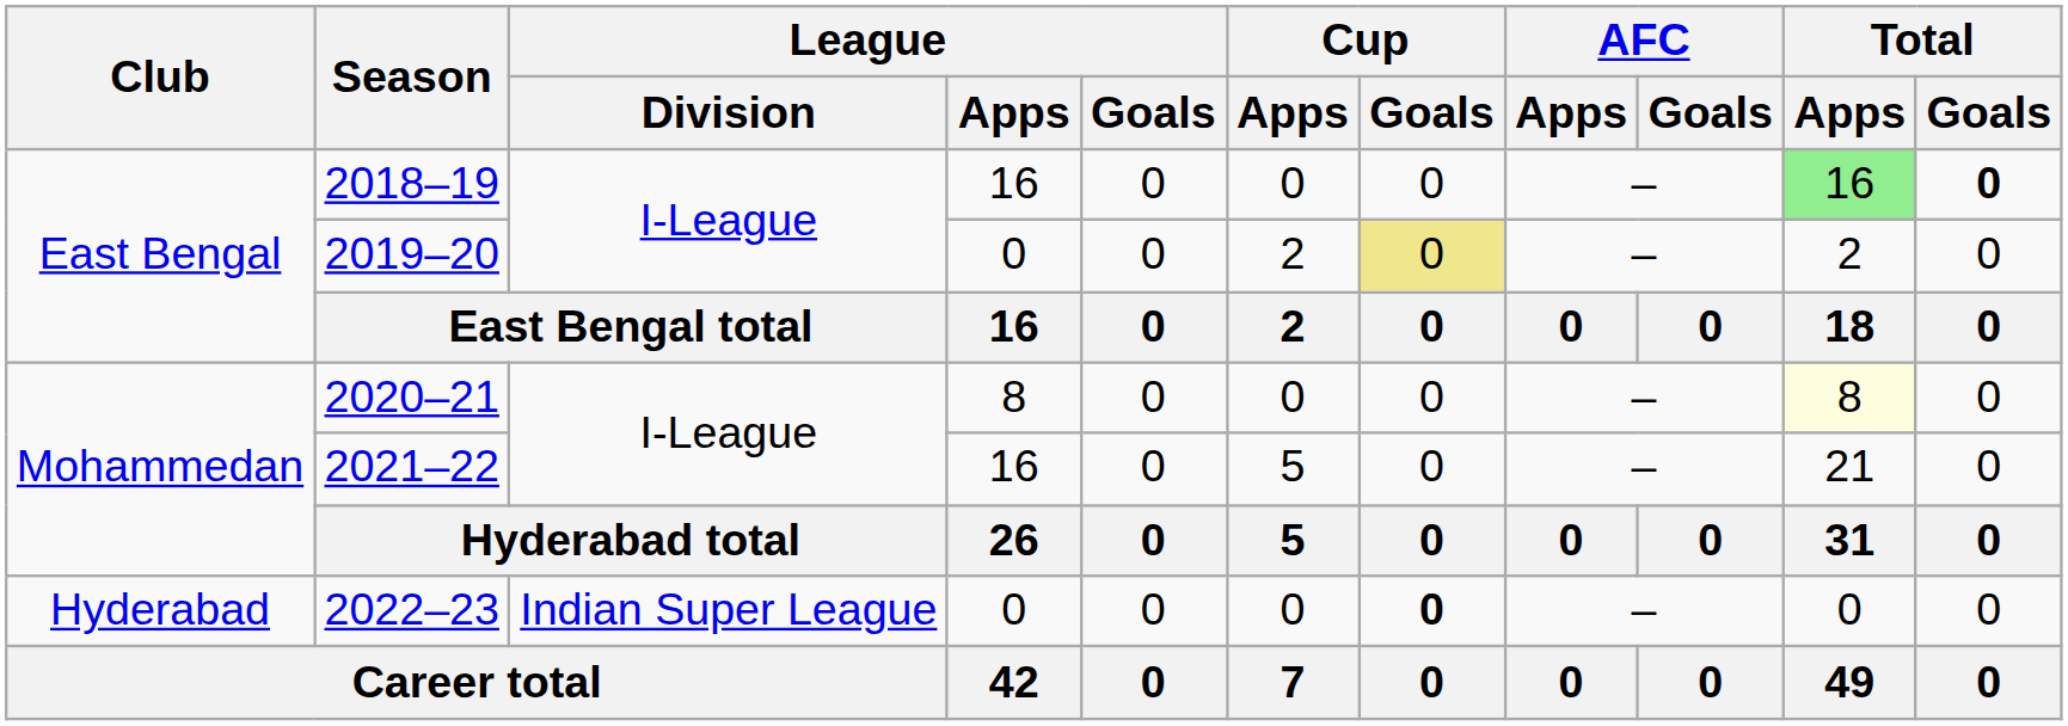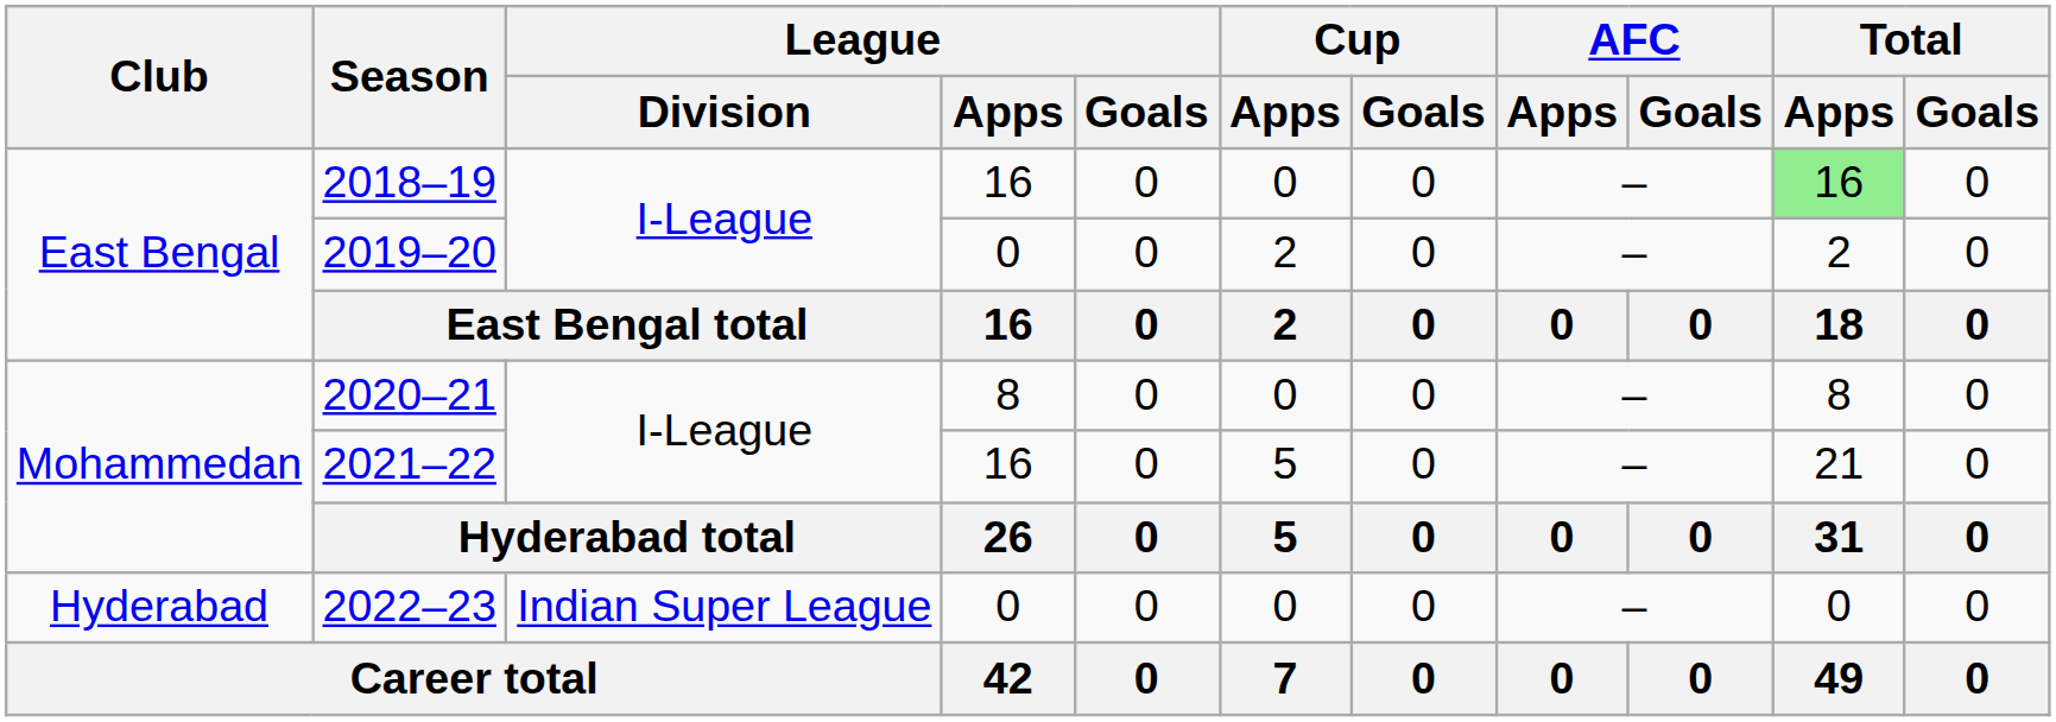 <table class="wikitable" style="font-size; text-align:center;">
 <tr>
 <th rowspan="2">Club</th>
 <th rowspan="2">Season</th>
 <th colspan="3">League</th>
 <th colspan="2">Cup</th>
 <th colspan="2"><a href='#'>AFC</a></th>
 <th colspan="2">Total</th>
 </tr>
 <tr>
 <th>Division</th>
 <th>Apps</th>
 <th>Goals</th>
 <th>Apps</th>
 <th>Goals</th>
 <th>Apps</th>
 <th>Goals</th>
 <th>Apps</th>
 <th>Goals</th>
 </tr>
 <tr>
 <td rowspan="3"><a href='#'>East Bengal</a></td>
 <td><a href='#'>2018–19</a></td>
 <td rowspan="2"><a href='#'>I-League</a></td>
 <td>16</td>
 <td>0</td>
 <td>0</td>
 <td>0</td>
 <td colspan="2">–</td>
 <td style="background: lightgreen;">16</td>
-<td><strong>0</strong></td>
+<td>0</td>
 </tr>
 <tr>
 <td><a href='#'>2019–20</a></td>
 <td>0</td>
 <td>0</td>
 <td>2</td>
-<td style="background: khaki;">0</td>
+<td>0</td>
 <td colspan="2">–</td>
 <td>2</td>
 <td>0</td>
 </tr>
 <tr>
 <th colspan="2">East Bengal total</th>
 <th>16</th>
 <th>0</th>
 <th>2</th>
 <th>0</th>
 <th>0</th>
 <th>0</th>
 <th>18</th>
 <th>0</th>
 </tr>
 <tr>
 <td rowspan="3"><a href='#'>Mohammedan</a></td>
 <td><a href='#'>2020–21</a></td>
 <td rowspan="2">I-League</td>
 <td>8</td>
 <td>0</td>
 <td>0</td>
 <td>0</td>
 <td colspan="2">–</td>
-<td style="background: lightyellow;">8</td>
+<td>8</td>
 <td>0</td>
 </tr>
 <tr>
 <td><a href='#'>2021–22</a></td>
 <td>16</td>
 <td>0</td>
 <td>5</td>
 <td>0</td>
 <td colspan="2">–</td>
 <td>21</td>
 <td>0</td>
 </tr>
 <tr>
 <th colspan="2">Hyderabad total</th>
 <th>26</th>
 <th>0</th>
 <th>5</th>
 <th>0</th>
 <th>0</th>
 <th>0</th>
 <th>31</th>
 <th>0</th>
 </tr>
 <tr>
 <td rowspan="1"><a href='#'>Hyderabad</a></td>
 <td><a href='#'>2022–23</a></td>
 <td rowspan="1"><a href='#'>Indian Super League</a></td>
 <td>0</td>
 <td>0</td>
 <td>0</td>
-<td><strong>0</strong></td>
+<td>0</td>
 <td colspan="2">–</td>
 <td>0</td>
 <td>0</td>
 </tr>
 <tr>
 <th colspan="3">Career total</th>
 <th>42</th>
 <th>0</th>
 <th>7</th>
 <th>0</th>
 <th>0</th>
 <th>0</th>
 <th>49</th>
 <th>0</th>
 </tr>
 </table>
